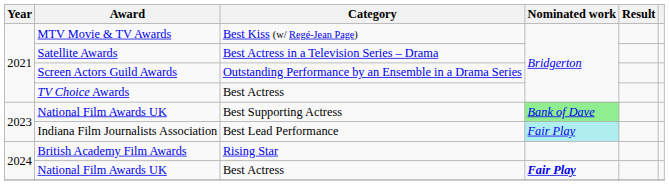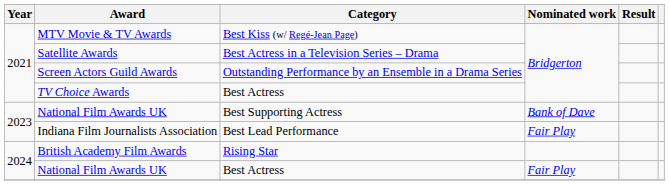 <table class="wikitable plainrowheaders sortable">
 <tr>
 <th>Year</th>
 <th>Award</th>
 <th>Category</th>
 <th>Nominated work</th>
 <th>Result</th>
 <th class="unsortable"></th>
 </tr>
 <tr>
 <td rowspan="4" style="text-align:center;">2021</td>
 <td><a href='#'>MTV Movie & TV Awards</a></td>
 <td><a href='#'>Best Kiss</a> <small>(w/ <a href='#'>Regé-Jean Page</a>)</small></td>
 <td rowspan="4"><em><a href='#'>Bridgerton</a></em></td>
 <td></td>
 <td align="center"></td>
 </tr>
 <tr>
 <td><a href='#'>Satellite Awards</a></td>
 <td><a href='#'>Best Actress in a Television Series – Drama</a></td>
 <td></td>
 <td align="center"></td>
 </tr>
 <tr>
 <td><a href='#'>Screen Actors Guild Awards</a></td>
 <td><a href='#'>Outstanding Performance by an Ensemble in a Drama Series</a></td>
 <td></td>
 <td align="center"></td>
 </tr>
 <tr>
 <td><a href='#'><em>TV Choice</em> Awards</a></td>
 <td>Best Actress</td>
 <td></td>
 <td align="center"></td>
 </tr>
 <tr>
 <td rowspan="2" style="text-align:center;">2023</td>
 <td><a href='#'>National Film Awards UK</a></td>
 <td>Best Supporting Actress</td>
-<td style="background: lightgreen;"><em><a href='#'>Bank of Dave</a></em></td>
+<td><em><a href='#'>Bank of Dave</a></em></td>
 <td></td>
 <td align="center"></td>
 </tr>
 <tr>
 <td>Indiana Film Journalists Association</td>
 <td>Best Lead Performance</td>
-<td style="background: paleturquoise;"><em><a href='#'>Fair Play</a></em></td>
+<td><em><a href='#'>Fair Play</a></em></td>
 <td></td>
 <td align="center"></td>
 </tr>
 <tr>
 <td rowspan="2" style="text-align:center;">2024</td>
 <td><a href='#'>British Academy Film Awards</a></td>
 <td><a href='#'>Rising Star</a></td>
 <td></td>
 <td></td>
 <td align="center"></td>
 </tr>
 <tr>
 <td><a href='#'>National Film Awards UK</a></td>
 <td>Best Actress</td>
-<td><strong><em><a href='#'>Fair Play</a></em></strong></td>
+<td><em><a href='#'>Fair Play</a></em></td>
 <td></td>
 <td align="center"></td>
 </tr>
 <tr>
 </tr>
 </table>
